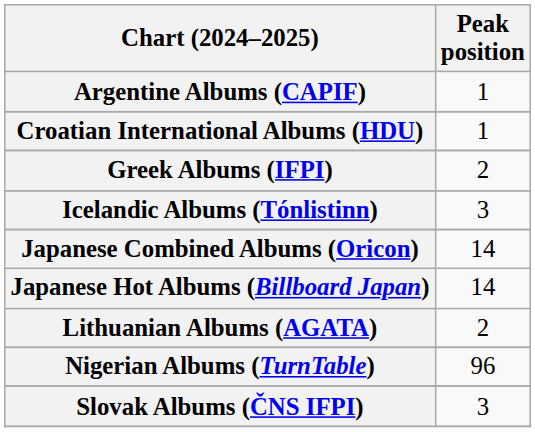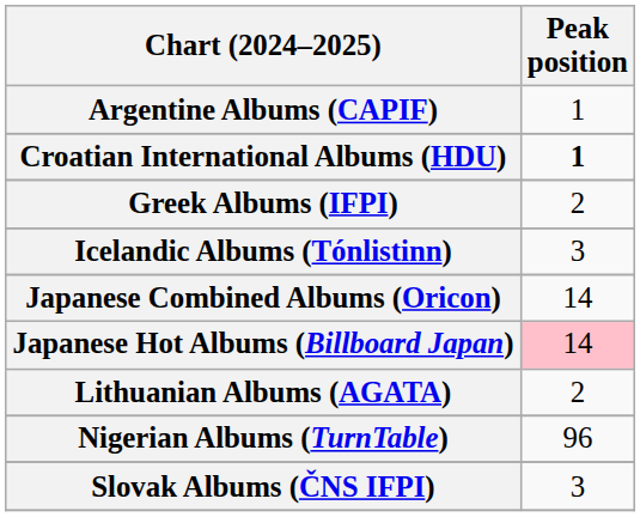 <table class="wikitable sortable plainrowheaders" style="text-align:center;">
 <tr>
 <th scope="col">Chart (2024–2025)</th>
 <th scope="col">Peak<br>position</th>
 </tr>
 <tr>
 <th scope="row">Argentine Albums (<a href='#'>CAPIF</a>)</th>
 <td>1</td>
 </tr>
 <tr>
 </tr>
 <tr>
 </tr>
 <tr>
 </tr>
 <tr>
 </tr>
 <tr>
 </tr>
 <tr>
 <th scope="row">Croatian International Albums (<a href='#'>HDU</a>)</th>
-<td>1</td>
+<td><strong>1</strong></td>
 </tr>
 <tr>
 </tr>
 <tr>
 </tr>
 <tr>
 </tr>
 <tr>
 </tr>
 <tr>
 </tr>
 <tr>
 </tr>
 <tr>
 <th scope="row">Greek Albums (<a href='#'>IFPI</a>)</th>
 <td>2</td>
 </tr>
 <tr>
 </tr>
 <tr>
 <th scope="row">Icelandic Albums (<a href='#'>Tónlistinn</a>)</th>
 <td>3</td>
 </tr>
 <tr>
 </tr>
 <tr>
 </tr>
 <tr>
 </tr>
 <tr>
 <th scope="row">Japanese Combined Albums (<a href='#'>Oricon</a>)</th>
 <td>14</td>
 </tr>
 <tr>
 <th scope="row">Japanese Hot Albums (<em><a href='#'>Billboard Japan</a></em>)</th>
-<td>14</td>
+<td style="background: pink;">14</td>
 </tr>
 <tr>
 <th scope="row">Lithuanian Albums (<a href='#'>AGATA</a>)</th>
 <td>2</td>
 </tr>
 <tr>
 </tr>
 <tr>
 <th scope="row">Nigerian Albums (<a href='#'><em>TurnTable</em></a>)</th>
 <td>96</td>
 </tr>
 <tr>
 </tr>
 <tr>
 </tr>
 <tr>
 </tr>
 <tr>
 </tr>
 <tr>
 <th scope="row">Slovak Albums (<a href='#'>ČNS IFPI</a>)</th>
 <td>3</td>
 </tr>
 <tr>
 </tr>
 <tr>
 </tr>
 <tr>
 </tr>
 <tr>
 </tr>
 <tr>
 </tr>
 </table>
